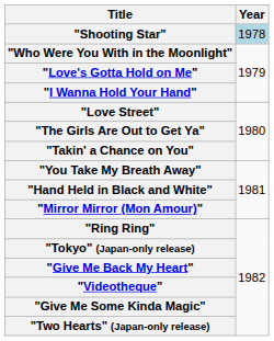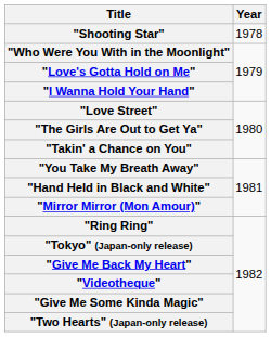 <table class="wikitable">
 <tr>
 <th>Title</th>
 <th>Year</th>
 </tr>
 <tr>
 <th>"Shooting Star"</th>
-<td style="background: lightblue;">1978</td>
+<td>1978</td>
 </tr>
 <tr>
 <th>"Who Were You With in the Moonlight"</th>
 <td rowspan="3">1979</td>
 </tr>
 <tr>
 <th>"<a href='#'>Love's Gotta Hold on Me</a>"</th>
 </tr>
 <tr>
 <th>"<a href='#'>I Wanna Hold Your Hand</a>"</th>
 </tr>
 <tr>
 <th>"Love Street"</th>
 <td rowspan="3">1980</td>
 </tr>
 <tr>
 <th>"The Girls Are Out to Get Ya"</th>
 </tr>
 <tr>
 <th>"Takin' a Chance on You"</th>
 </tr>
 <tr>
 <th>"You Take My Breath Away"</th>
 <td rowspan="3">1981</td>
 </tr>
 <tr>
 <th>"Hand Held in Black and White"</th>
 </tr>
 <tr>
 <th>"<a href='#'>Mirror Mirror (Mon Amour)</a>"</th>
 </tr>
 <tr>
 <th>"Ring Ring"</th>
 <td rowspan="6">1982</td>
 </tr>
 <tr>
 <th>"Tokyo" <small>(Japan-only release)</small></th>
 </tr>
 <tr>
 <th>"<a href='#'>Give Me Back My Heart</a>"</th>
 </tr>
 <tr>
 <th>"<a href='#'>Videotheque</a>"</th>
 </tr>
 <tr>
 <th>"Give Me Some Kinda Magic"</th>
 </tr>
 <tr>
 <th>"Two Hearts" <small>(Japan-only release)</small></th>
 </tr>
 </table>
